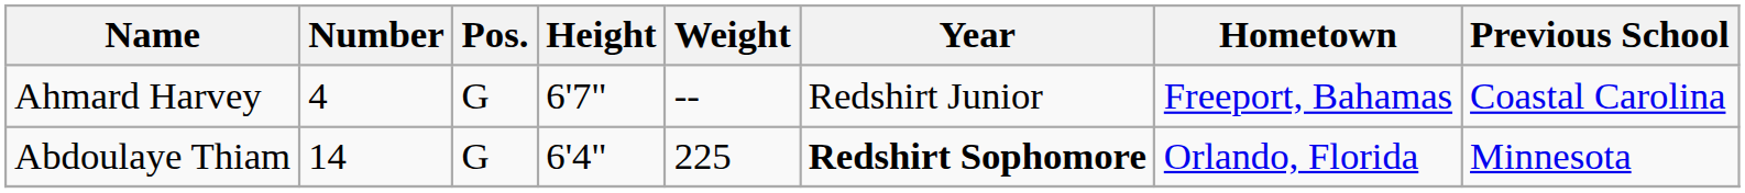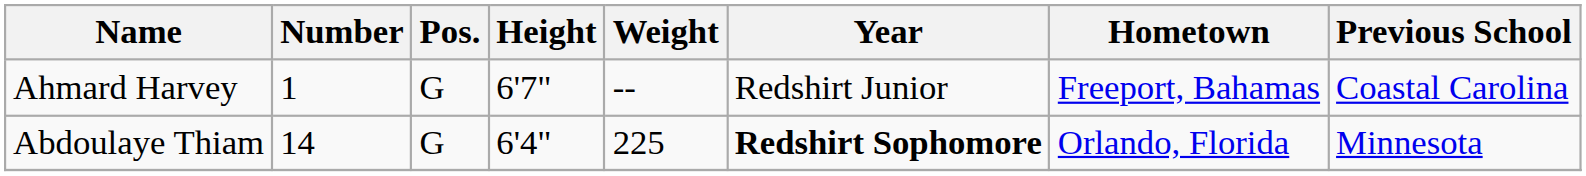 <table class="wikitable sortable sortable" border="1">
 <tr align=center>
 <th style="background:#">Name</th>
 <th style="background:#">Number</th>
 <th style="background:#">Pos.</th>
 <th style="background:#">Height</th>
 <th style="background:#">Weight</th>
 <th style="background:#">Year</th>
 <th style="background:#">Hometown</th>
 <th style="background:#">Previous School</th>
 </tr>
 <tr>
 <td>Ahmard Harvey</td>
-<td>4</td>
+<td>1</td>
 <td>G</td>
 <td>6'7"</td>
 <td>--</td>
 <td>Redshirt Junior</td>
 <td><a href='#'>Freeport, Bahamas</a></td>
 <td><a href='#'>Coastal Carolina</a></td>
 </tr>
 <tr>
 <td>Abdoulaye Thiam</td>
 <td>14</td>
 <td>G</td>
 <td>6'4"</td>
 <td>225</td>
 <td><strong>Redshirt Sophomore</strong></td>
 <td><a href='#'>Orlando, Florida</a></td>
 <td><a href='#'>Minnesota</a></td>
 </tr>
 <tr>
 </tr>
 </table>
